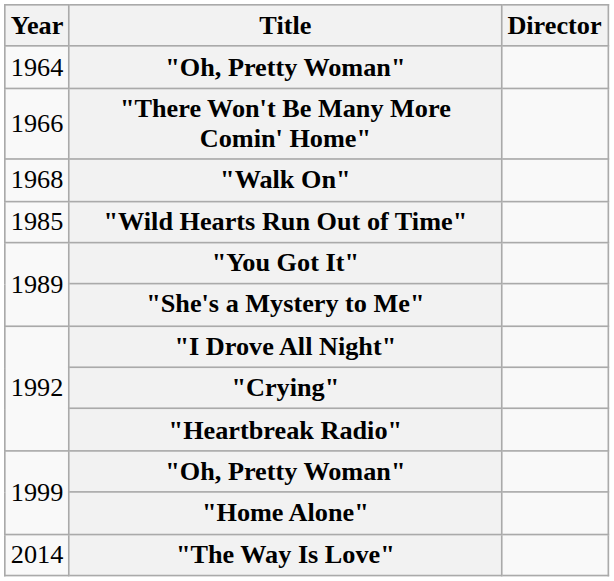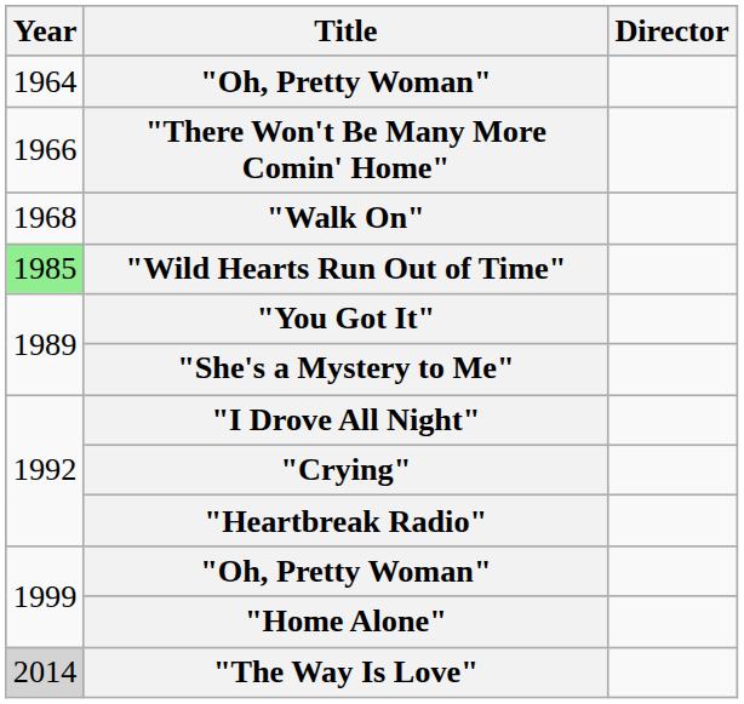 <table class="wikitable plainrowheaders">
 <tr>
 <th>Year</th>
 <th style="width:16em;">Title</th>
 <th>Director</th>
 </tr>
 <tr>
 <td>1964</td>
 <th scope="row">"Oh, Pretty Woman"</th>
 <td></td>
 </tr>
 <tr>
 <td>1966</td>
 <th scope="row">"There Won't Be Many More Comin' Home"</th>
 <td></td>
 </tr>
 <tr>
 <td>1968</td>
 <th scope="row">"Walk On"</th>
 <td></td>
 </tr>
 <tr>
-<td>1985</td>
+<td style="background: lightgreen;">1985</td>
 <th scope="row">"Wild Hearts Run Out of Time"</th>
 <td></td>
 </tr>
 <tr>
 <td rowspan="2">1989</td>
 <th scope="row">"You Got It"</th>
 <td></td>
 </tr>
 <tr>
 <th scope="row">"She's a Mystery to Me"</th>
 <td></td>
 </tr>
 <tr>
 <td rowspan="3">1992</td>
 <th scope="row">"I Drove All Night"</th>
 <td></td>
 </tr>
 <tr>
 <th scope="row">"Crying"</th>
 <td></td>
 </tr>
 <tr>
 <th scope="row">"Heartbreak Radio"</th>
 <td></td>
 </tr>
 <tr>
 <td rowspan="2">1999</td>
 <th scope="row">"Oh, Pretty Woman"</th>
 <td></td>
 </tr>
 <tr>
 <th scope="row">"Home Alone"</th>
 <td></td>
 </tr>
 <tr>
-<td>2014</td>
+<td style="background: lightgrey;">2014</td>
 <th scope="row">"The Way Is Love"</th>
 <td></td>
 </tr>
 </table>
